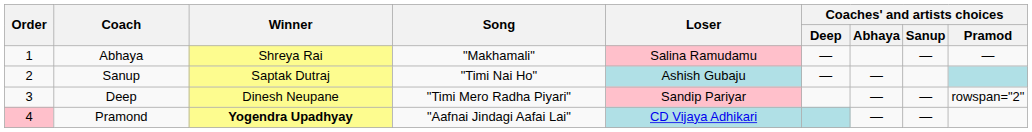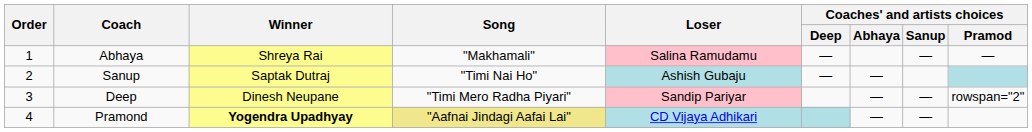 <table class="wikitable plainrowheaders" style="text-align:center; width:100%;">
 <tr>
 <th scope="col" style="width:05%;" rowspan="2">Order</th>
 <th scope="col" style="width:15%;" rowspan="2">Coach</th>
 <th scope="col" style="width:23%;" rowspan="2">Winner</th>
 <th scope="col" style="width:24%;" rowspan="2">Song</th>
 <th scope="col" style="width:22%;" rowspan="2">Loser</th>
 <th scope="col" style="width:20%;" colspan="4">Coaches' and artists choices</th>
 </tr>
 <tr>
 <th scope="col" style="width:05%;">Deep</th>
 <th scope="col" style="width:05%;">Abhaya</th>
 <th scope="col" style="width:05%;">Sanup</th>
 <th scope="col" style="width:05%;">Pramod</th>
 </tr>
 <tr>
 <td scope="row">1</td>
 <td>Abhaya</td>
 <td style="background:#fdfc8f;text-align:center;">Shreya Rai</td>
 <td>"Makhamali"</td>
 <td style="background:pink;text-align:center;">Salina Ramudamu</td>
 <td>—</td>
 <td></td>
 <td>—</td>
 <td>—</td>
 </tr>
 <tr>
 <td scope="row">2</td>
 <td>Sanup</td>
 <td style="background:#fdfc8f;text-align:center;">Saptak Dutraj</td>
 <td>"Timi Nai Ho"</td>
 <td style="background:#b0e0e6;text-align:center;">Ashish Gubaju</td>
 <td>—</td>
 <td>—</td>
 <td></td>
 <td style="background:#b0e0e6;text-align:center;"></td>
 </tr>
 <tr>
 <td scope="row">3</td>
 <td>Deep</td>
 <td style="background:#fdfc8f;text-align:center;">Dinesh Neupane</td>
 <td>"Timi Mero Radha Piyari"</td>
 <td style="background:pink;text-align:center;">Sandip Pariyar</td>
 <td></td>
 <td>—</td>
 <td>—</td>
 <td>rowspan="2" </td>
 </tr>
 <tr>
-<td scope="row" style="background: pink;">4</td>
+<td scope="row">4</td>
 <td>Pramond</td>
 <td style="background:#fdfc8f;text-align:center;"><strong>Yogendra Upadhyay</strong></td>
-<td>"Aafnai Jindagi Aafai Lai"</td>
+<td style="background: khaki;">"Aafnai Jindagi Aafai Lai"</td>
 <td style="background:#b0e0e6;text-align:center;"><a href='#'>CD Vijaya Adhikari</a></td>
 <td style="background:#b0e0e6;text-align:center;"></td>
 <td>—</td>
 <td>—</td>
 </tr>
 </table>
